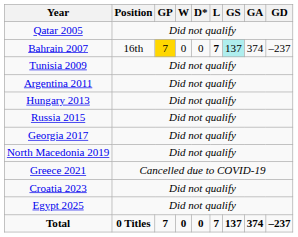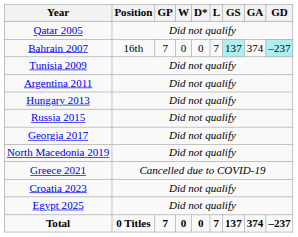 <table class="wikitable" style="text-align: center;">
 <tr>
 <th>Year</th>
 <th>Position</th>
 <th>GP</th>
 <th>W</th>
 <th>D*</th>
 <th>L</th>
 <th>GS</th>
 <th>GA</th>
 <th>GD</th>
 </tr>
 <tr>
 <td><a href='#'>Qatar 2005</a></td>
 <td colspan="8"><em>Did not qualify</em></td>
 </tr>
 <tr>
 <td><a href='#'>Bahrain 2007</a></td>
 <td>16th</td>
-<td style="background: gold;">7</td>
+<td>7</td>
 <td>0</td>
 <td>0</td>
-<td><strong>7</strong></td>
+<td>7</td>
 <td style="background: paleturquoise;">137</td>
 <td>374</td>
-<td>–237</td>
+<td style="background: paleturquoise;">–237</td>
 </tr>
 <tr>
 <td><a href='#'>Tunisia 2009</a></td>
 <td colspan="8"><em>Did not qualify</em></td>
 </tr>
 <tr>
 <td><a href='#'>Argentina 2011</a></td>
 <td colspan="8"><em>Did not qualify</em></td>
 </tr>
 <tr>
 <td><a href='#'>Hungary 2013</a></td>
 <td colspan="8"><em>Did not qualify</em></td>
 </tr>
 <tr>
 <td><a href='#'>Russia 2015</a></td>
 <td colspan="8"><em>Did not qualify</em></td>
 </tr>
 <tr>
 <td><a href='#'>Georgia 2017</a></td>
 <td colspan="8"><em>Did not qualify</em></td>
 </tr>
 <tr>
 <td><a href='#'>North Macedonia 2019</a></td>
 <td colspan="8"><em>Did not qualify</em></td>
 </tr>
 <tr>
 <td><a href='#'>Greece 2021</a></td>
 <td colspan="8"><em>Cancelled due to COVID-19</em></td>
 </tr>
 <tr>
 <td><a href='#'>Croatia 2023</a></td>
 <td colspan="8"><em>Did not qualify</em></td>
 </tr>
 <tr>
 <td><a href='#'>Egypt 2025</a></td>
 <td colspan="8"><em>Did not qualify</em></td>
 </tr>
 <tr>
 <td><strong>Total</strong></td>
 <td><strong>0 Titles</strong></td>
 <td><strong>7</strong></td>
 <td><strong>0</strong></td>
 <td><strong>0</strong></td>
 <td><strong>7</strong></td>
 <td><strong>137</strong></td>
 <td><strong>374</strong></td>
 <td><strong>–237</strong></td>
 </tr>
 </table>
